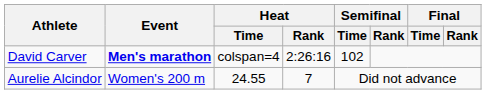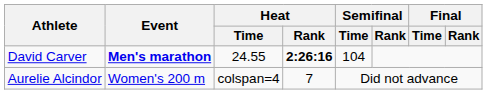 <table class=wikitable style="font-size:90%">
 <tr>
 <th rowspan="2">Athlete</th>
 <th rowspan="2">Event</th>
 <th colspan="2">Heat</th>
 <th colspan="2">Semifinal</th>
 <th colspan="2">Final</th>
 </tr>
 <tr style="font-size:95%">
 <th>Time</th>
 <th>Rank</th>
 <th>Time</th>
 <th>Rank</th>
 <th>Time</th>
 <th>Rank</th>
 </tr>
 <tr align=center>
 <td align=left><a href='#'>David Carver</a></td>
 <td align=left><strong><a href='#'>Men's marathon</a></strong></td>
-<td>colspan=4 </td>
-<td>2:26:16</td>
-<td>102</td>
+<td>24.55</td>
+<td><strong>2:26:16</strong></td>
+<td>104</td>
 </tr>
 <tr align=center>
 <td align=left><a href='#'>Aurelie Alcindor</a></td>
 <td align=left><a href='#'>Women's 200 m</a></td>
-<td>24.55</td>
+<td>colspan=4 </td>
 <td>7</td>
 <td colspan=4>Did not advance</td>
 </tr>
 </table>
